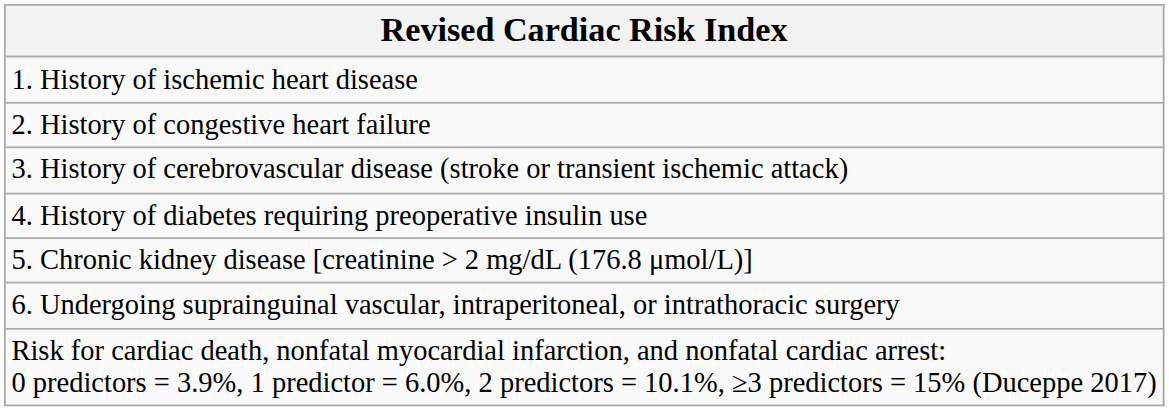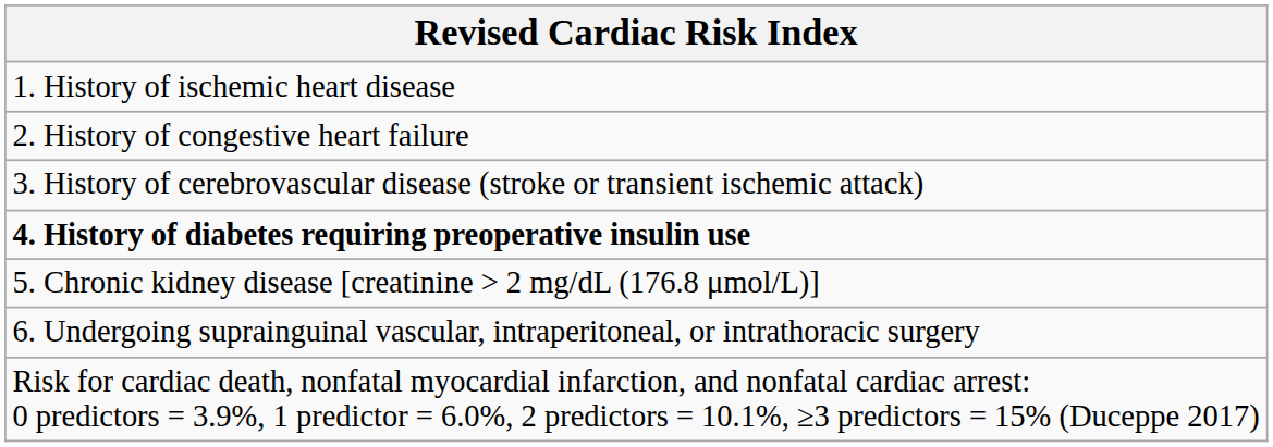 <table class="wikitable">
 <tr>
 <th><big><strong>Revised Cardiac Risk Index</strong></big></th>
 </tr>
 <tr>
 <td>1. History of ischemic heart disease</td>
 </tr>
 <tr>
 <td>2. History of congestive heart failure</td>
 </tr>
 <tr>
 <td>3. History of cerebrovascular disease (stroke or transient ischemic attack)</td>
 </tr>
 <tr>
-<td>4. History of diabetes requiring preoperative insulin use</td>
+<td><strong>4. History of diabetes requiring preoperative insulin use</strong></td>
 </tr>
 <tr>
 <td>5. Chronic kidney disease [creatinine > 2 mg/dL (176.8 μmol/L)]</td>
 </tr>
 <tr>
 <td>6. Undergoing suprainguinal vascular, intraperitoneal, or intrathoracic surgery</td>
 </tr>
 <tr>
 <td>Risk for cardiac death, nonfatal myocardial infarction, and nonfatal cardiac arrest:<br>0 predictors = 3.9%, 1 predictor = 6.0%, 2 predictors = 10.1%, ≥3 predictors = 15% (Duceppe 2017)</td>
 </tr>
 </table>
